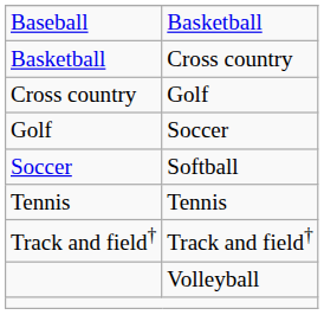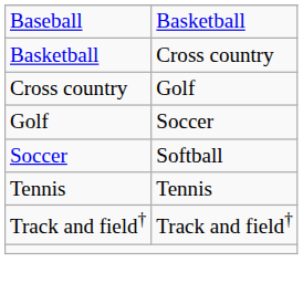 <table class="wikitable" style= " ">
 <tr>
 </tr>
 <tr>
 <td><a href='#'>Baseball</a></td>
 <td><a href='#'>Basketball</a></td>
 </tr>
 <tr>
 <td><a href='#'>Basketball</a></td>
 <td>Cross country</td>
 </tr>
 <tr>
 <td>Cross country</td>
 <td>Golf</td>
 </tr>
 <tr>
 <td>Golf</td>
 <td>Soccer</td>
 </tr>
 <tr>
 <td><a href='#'>Soccer</a></td>
 <td>Softball</td>
 </tr>
 <tr>
 <td>Tennis</td>
 <td>Tennis</td>
 </tr>
 <tr>
 <td>Track and field<sup>†</sup></td>
 <td>Track and field<sup>†</sup></td>
 </tr>
 <tr>
-<td></td>
-<td>Volleyball</td>
-</tr>
-<tr>
 <td colspan="2"></td>
 </tr>
 </table>
